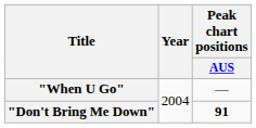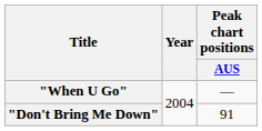 <table class="wikitable plainrowheaders" style="text-align:center;">
 <tr>
 <th scope="col" rowspan="2">Title</th>
 <th scope="col" rowspan="2">Year</th>
 <th scope="col" colspan="1">Peak chart positions</th>
 </tr>
 <tr>
 <th scope="col" style="width:3em;font-size:90%;"><a href='#'>AUS</a><br></th>
 </tr>
 <tr>
 <th scope="row">"When U Go"</th>
 <td rowspan="2">2004</td>
 <td>—</td>
 </tr>
 <tr>
 <th scope="row">"Don't Bring Me Down"</th>
-<td><strong>91</strong></td>
+<td>91</td>
 </tr>
 </table>
